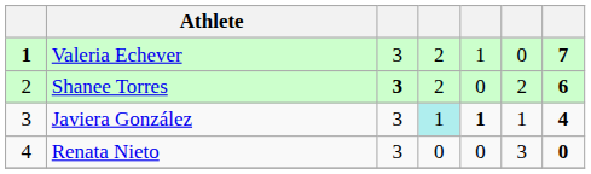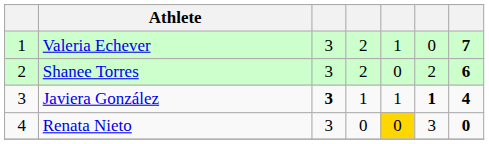 <table class="wikitable" style="text-align: center; font-size:100% ">
 <tr>
 <th width=25></th>
 <th width=250>Athlete</th>
 <th width=25></th>
 <th width=25></th>
 <th width=25></th>
 <th width=25></th>
 <th width=25></th>
 </tr>
 <tr bgcolor="ccffcc">
-<td><strong>1</strong></td>
+<td>1</td>
 <td align=left> <a href='#'>Valeria Echever</a></td>
 <td>3</td>
 <td>2</td>
 <td>1</td>
 <td>0</td>
 <td><strong>7</strong></td>
 </tr>
 <tr bgcolor="ccffcc">
 <td>2</td>
 <td align=left> <a href='#'>Shanee Torres</a></td>
-<td><strong>3</strong></td>
+<td>3</td>
 <td>2</td>
 <td>0</td>
 <td>2</td>
 <td><strong>6</strong></td>
 </tr>
 <tr>
 <td>3</td>
 <td align=left> <a href='#'>Javiera González</a></td>
-<td>3</td>
-<td style="background: paleturquoise;">1</td>
+<td><strong>3</strong></td>
+<td>1</td>
+<td>1</td>
 <td><strong>1</strong></td>
-<td>1</td>
 <td><strong>4</strong></td>
 </tr>
 <tr>
 <td>4</td>
 <td align=left> <a href='#'>Renata Nieto</a></td>
 <td>3</td>
 <td>0</td>
-<td>0</td>
+<td style="background: gold;">0</td>
 <td>3</td>
 <td><strong>0</strong></td>
 </tr>
 <tr>
 </tr>
 </table>
